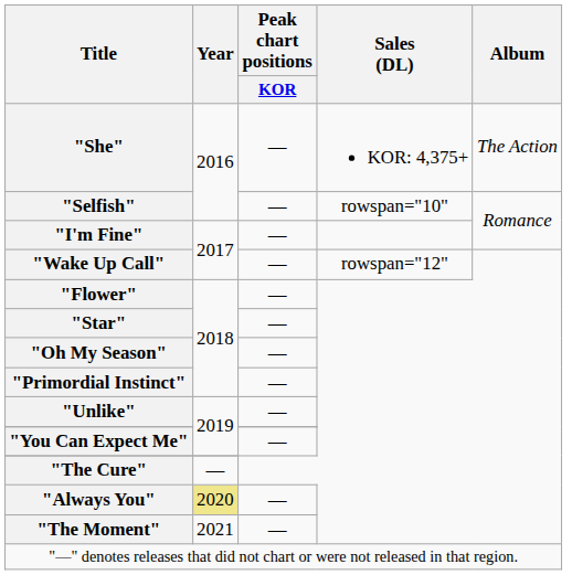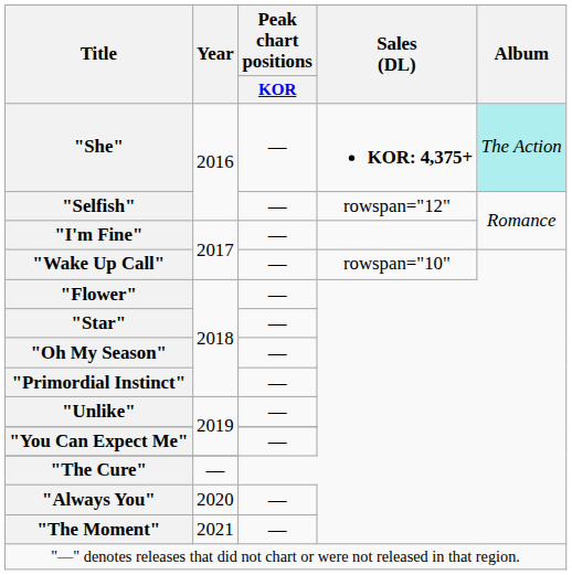 <table class="wikitable plainrowheaders" style="text-align:center;">
 <tr>
 <th scope="col" rowspan="2">Title</th>
 <th scope="col" rowspan="2">Year</th>
 <th scope="col">Peak chart positions</th>
 <th scope="col" rowspan="2">Sales<br>(DL)</th>
 <th scope="col" rowspan="2">Album</th>
 </tr>
 <tr>
 <th scope="col" style="width:3em; font-size:90%;"><a href='#'>KOR</a><br></th>
 </tr>
 <tr>
 <th scope="row">"She" </th>
 <td rowspan="2">2016</td>
 <td>—</td>
-<td><br><ul><li>KOR: 4,375+</li></ul></td>
-<td><em>The Action</em></td>
+<td><strong><br><ul><li>KOR: 4,375+</li></ul></strong></td>
+<td style="background: paleturquoise;"><em>The Action</em></td>
 </tr>
 <tr>
 <th scope="row">"Selfish" </th>
 <td>—</td>
-<td>rowspan="10" </td>
+<td>rowspan="12" </td>
 <td rowspan="2"><em>Romance</em></td>
 </tr>
 <tr>
 <th scope="row">"I'm Fine"</th>
 <td rowspan="2">2017</td>
 <td>—</td>
 </tr>
 <tr>
 <th scope="row">"Wake Up Call" </th>
 <td>—</td>
-<td>rowspan="12" </td>
+<td>rowspan="10" </td>
 </tr>
 <tr>
 <th scope="row">"Flower" </th>
 <td rowspan="4">2018</td>
 <td>—</td>
 </tr>
 <tr>
 <th scope="row">"Star" </th>
 <td>—</td>
 </tr>
 <tr>
 <th scope="row">"Oh My Season" </th>
 <td>—</td>
 </tr>
 <tr>
 <th scope="row">"Primordial Instinct" </th>
 <td>—</td>
 </tr>
 <tr>
 <th scope="row">"Unlike" </th>
 <td rowspan="3">2019</td>
 <td>—</td>
 </tr>
 <tr>
 </tr>
 <tr>
 <th scope="row">"You Can Expect Me" </th>
 <td>—</td>
 </tr>
 <tr>
 </tr>
 <tr>
 <th scope="row">"The Cure" </th>
 <td>—</td>
 </tr>
 <tr>
 <th scope="row">"Always You"</th>
-<td style="background: khaki;">2020</td>
+<td>2020</td>
 <td>—</td>
 </tr>
 <tr>
 <th scope="row">"The Moment" </th>
 <td>2021</td>
 <td>—</td>
 </tr>
 <tr>
 <td colspan="5" style="font-size:85%;">"—" denotes releases that did not chart or were not released in that region.</td>
 </tr>
 </table>
